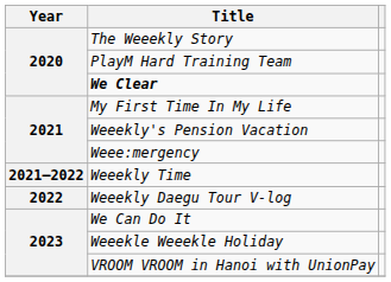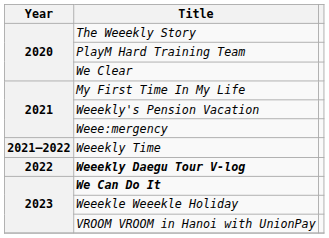 <table class="wikitable sortable plainrowheaders">
 <tr>
 <th scope="col">Year</th>
 <th scope="col">Title</th>
 <th scope="col" class="unsortable"></th>
 </tr>
 <tr>
 <th scope="row" rowspan="3">2020</th>
 <td><em>The Weeekly Story</em></td>
 <td></td>
 </tr>
 <tr>
 <td><em>PlayM Hard Training Team</em></td>
 <td></td>
 </tr>
 <tr>
-<td><strong><em>We Clear</em></strong></td>
+<td><em>We Clear</em></td>
 <td></td>
 </tr>
 <tr>
 <th rowspan="3" scope="row">2021</th>
 <td><em>My First Time In My Life</em></td>
 <td></td>
 </tr>
 <tr>
 <td><em>Weeekly's Pension Vacation</em></td>
 <td></td>
 </tr>
 <tr>
 <td><em>Weee:mergency</em></td>
 <td></td>
 </tr>
 <tr>
 <th scope="row">2021–2022</th>
 <td><em>Weeekly Time</em></td>
 <td></td>
 </tr>
 <tr>
 <th scope="row">2022</th>
-<td><em>Weeekly Daegu Tour V-log</em></td>
+<td><strong><em>Weeekly Daegu Tour V-log</em></strong></td>
 <td></td>
 </tr>
 <tr>
 <th rowspan="3" scope="row">2023</th>
-<td><em>We Can Do It</em></td>
+<td><strong><em>We Can Do It</em></strong></td>
 <td></td>
 </tr>
 <tr>
 <td><em>Weeekle Weeekle Holiday</em></td>
 <td></td>
 </tr>
 <tr>
 <td><em>VROOM VROOM in Hanoi with UnionPay</em></td>
 <td></td>
 </tr>
 <tr>
 </tr>
 </table>
